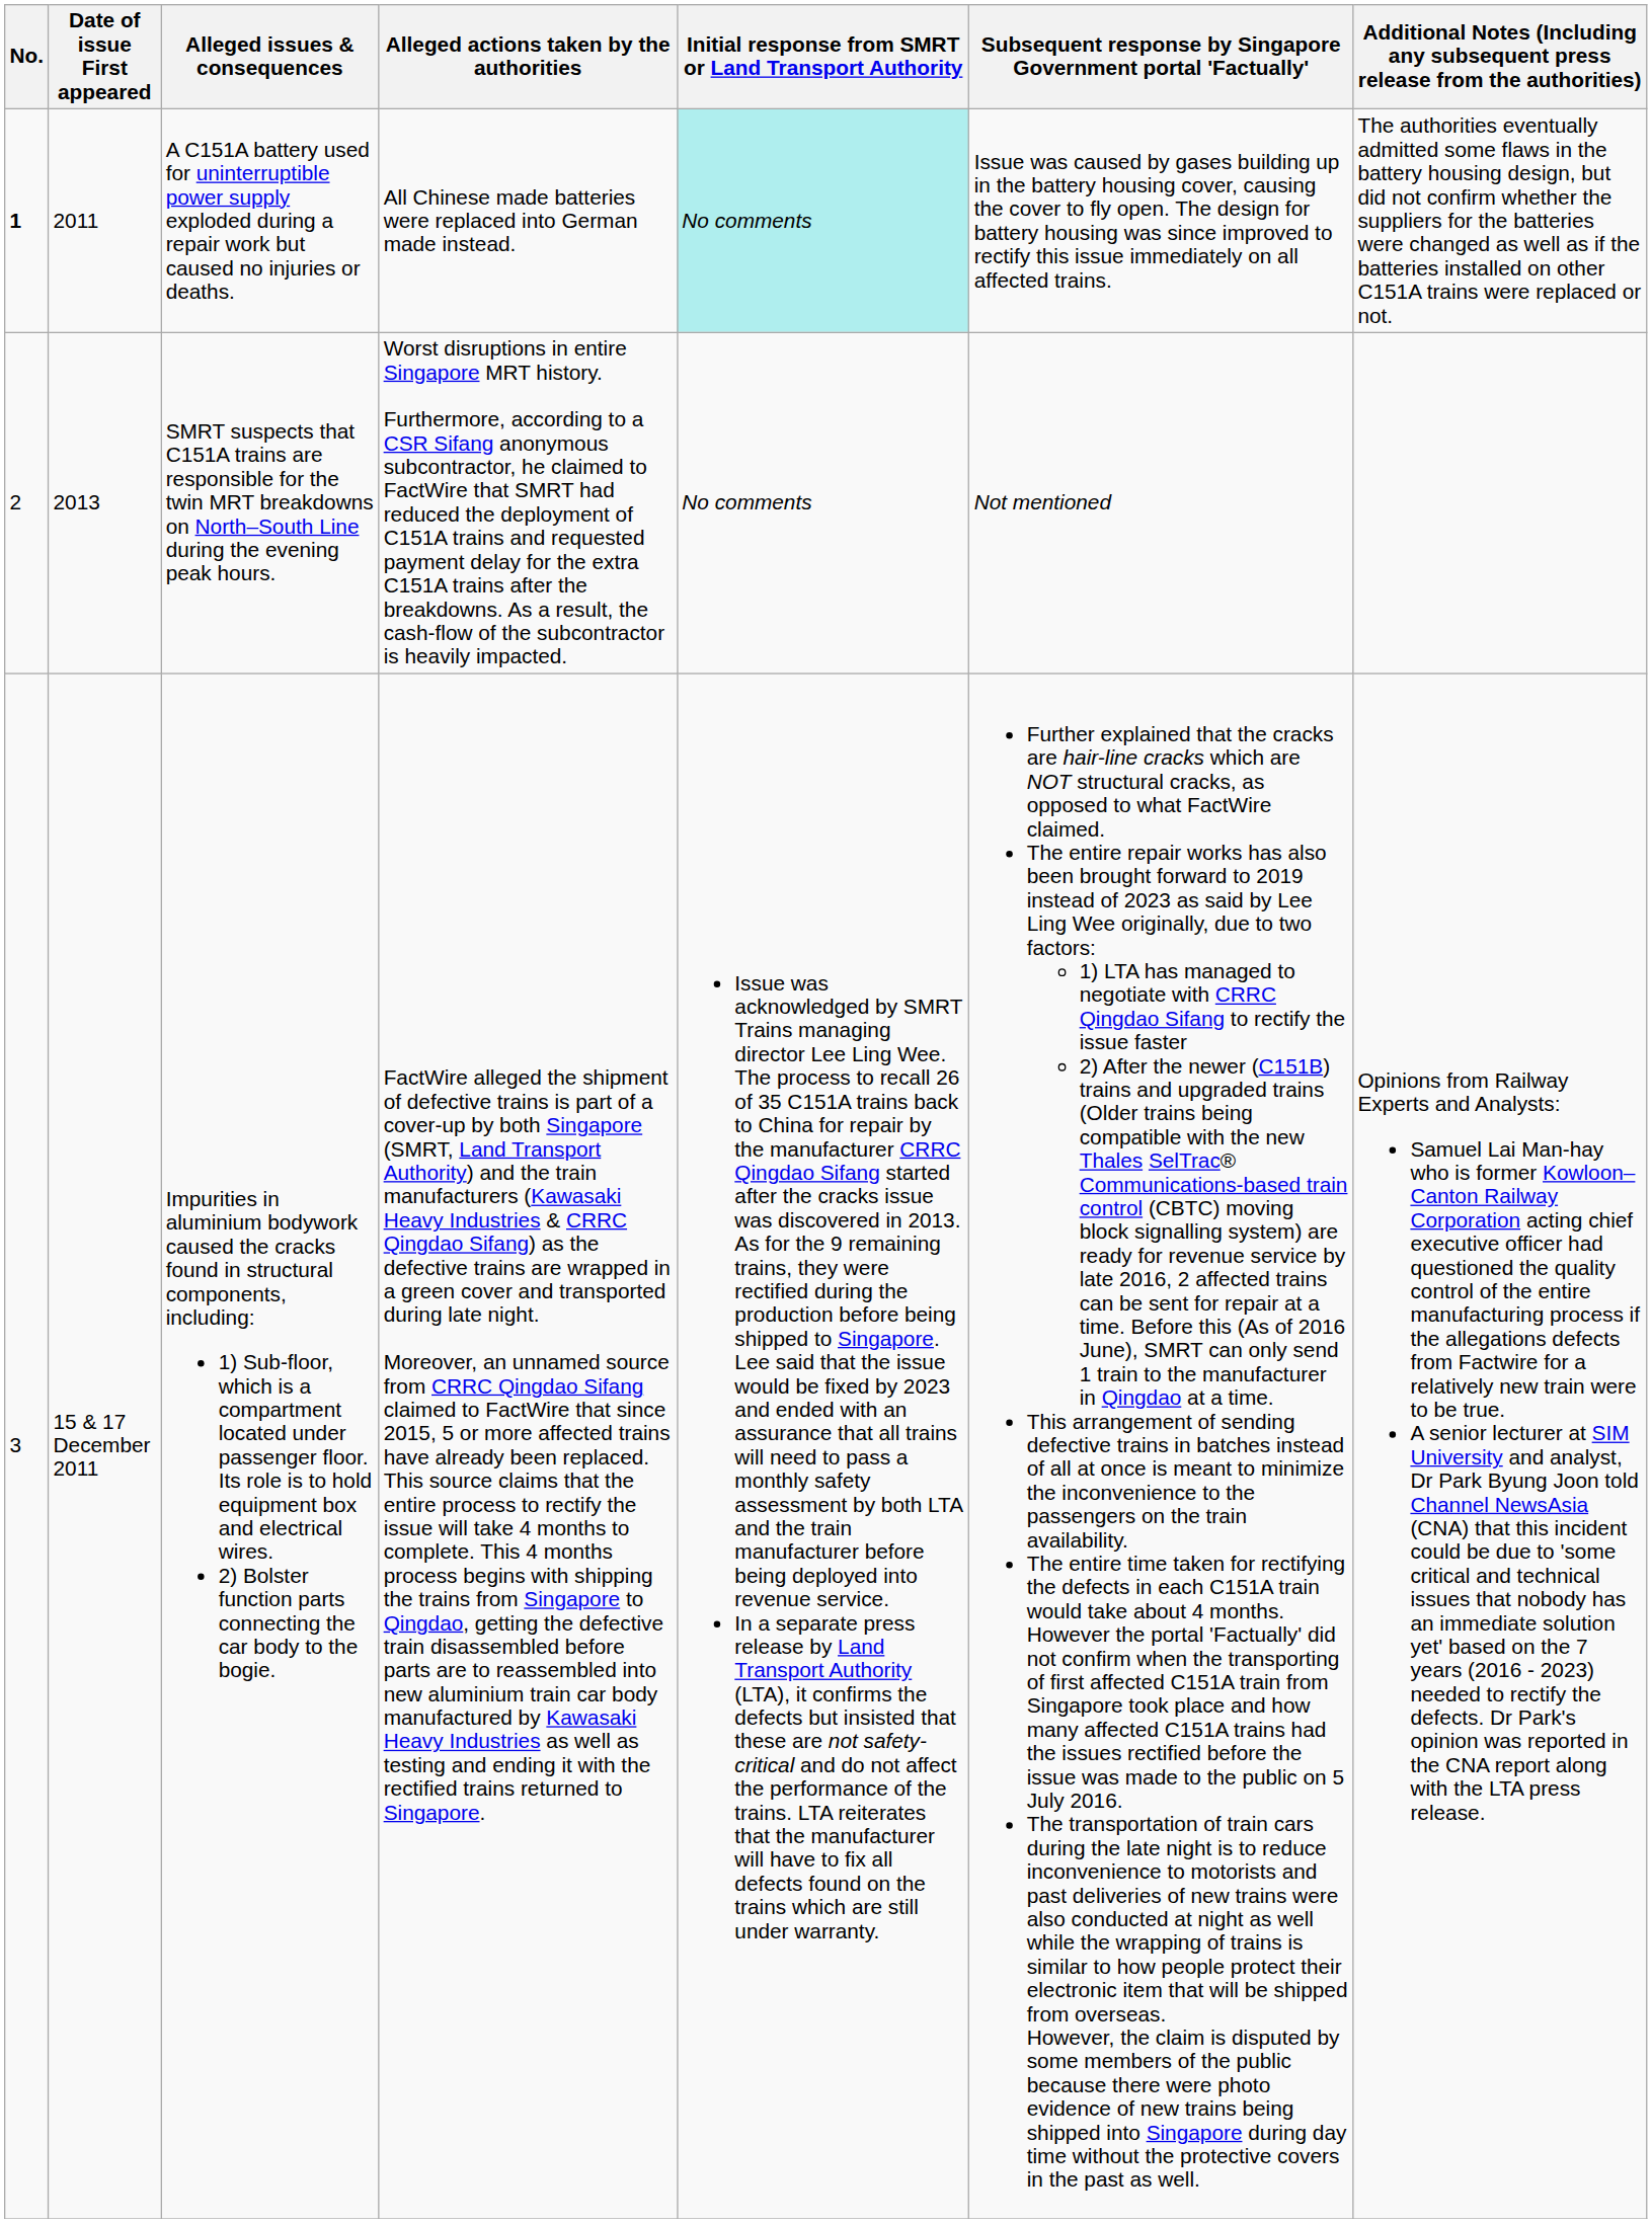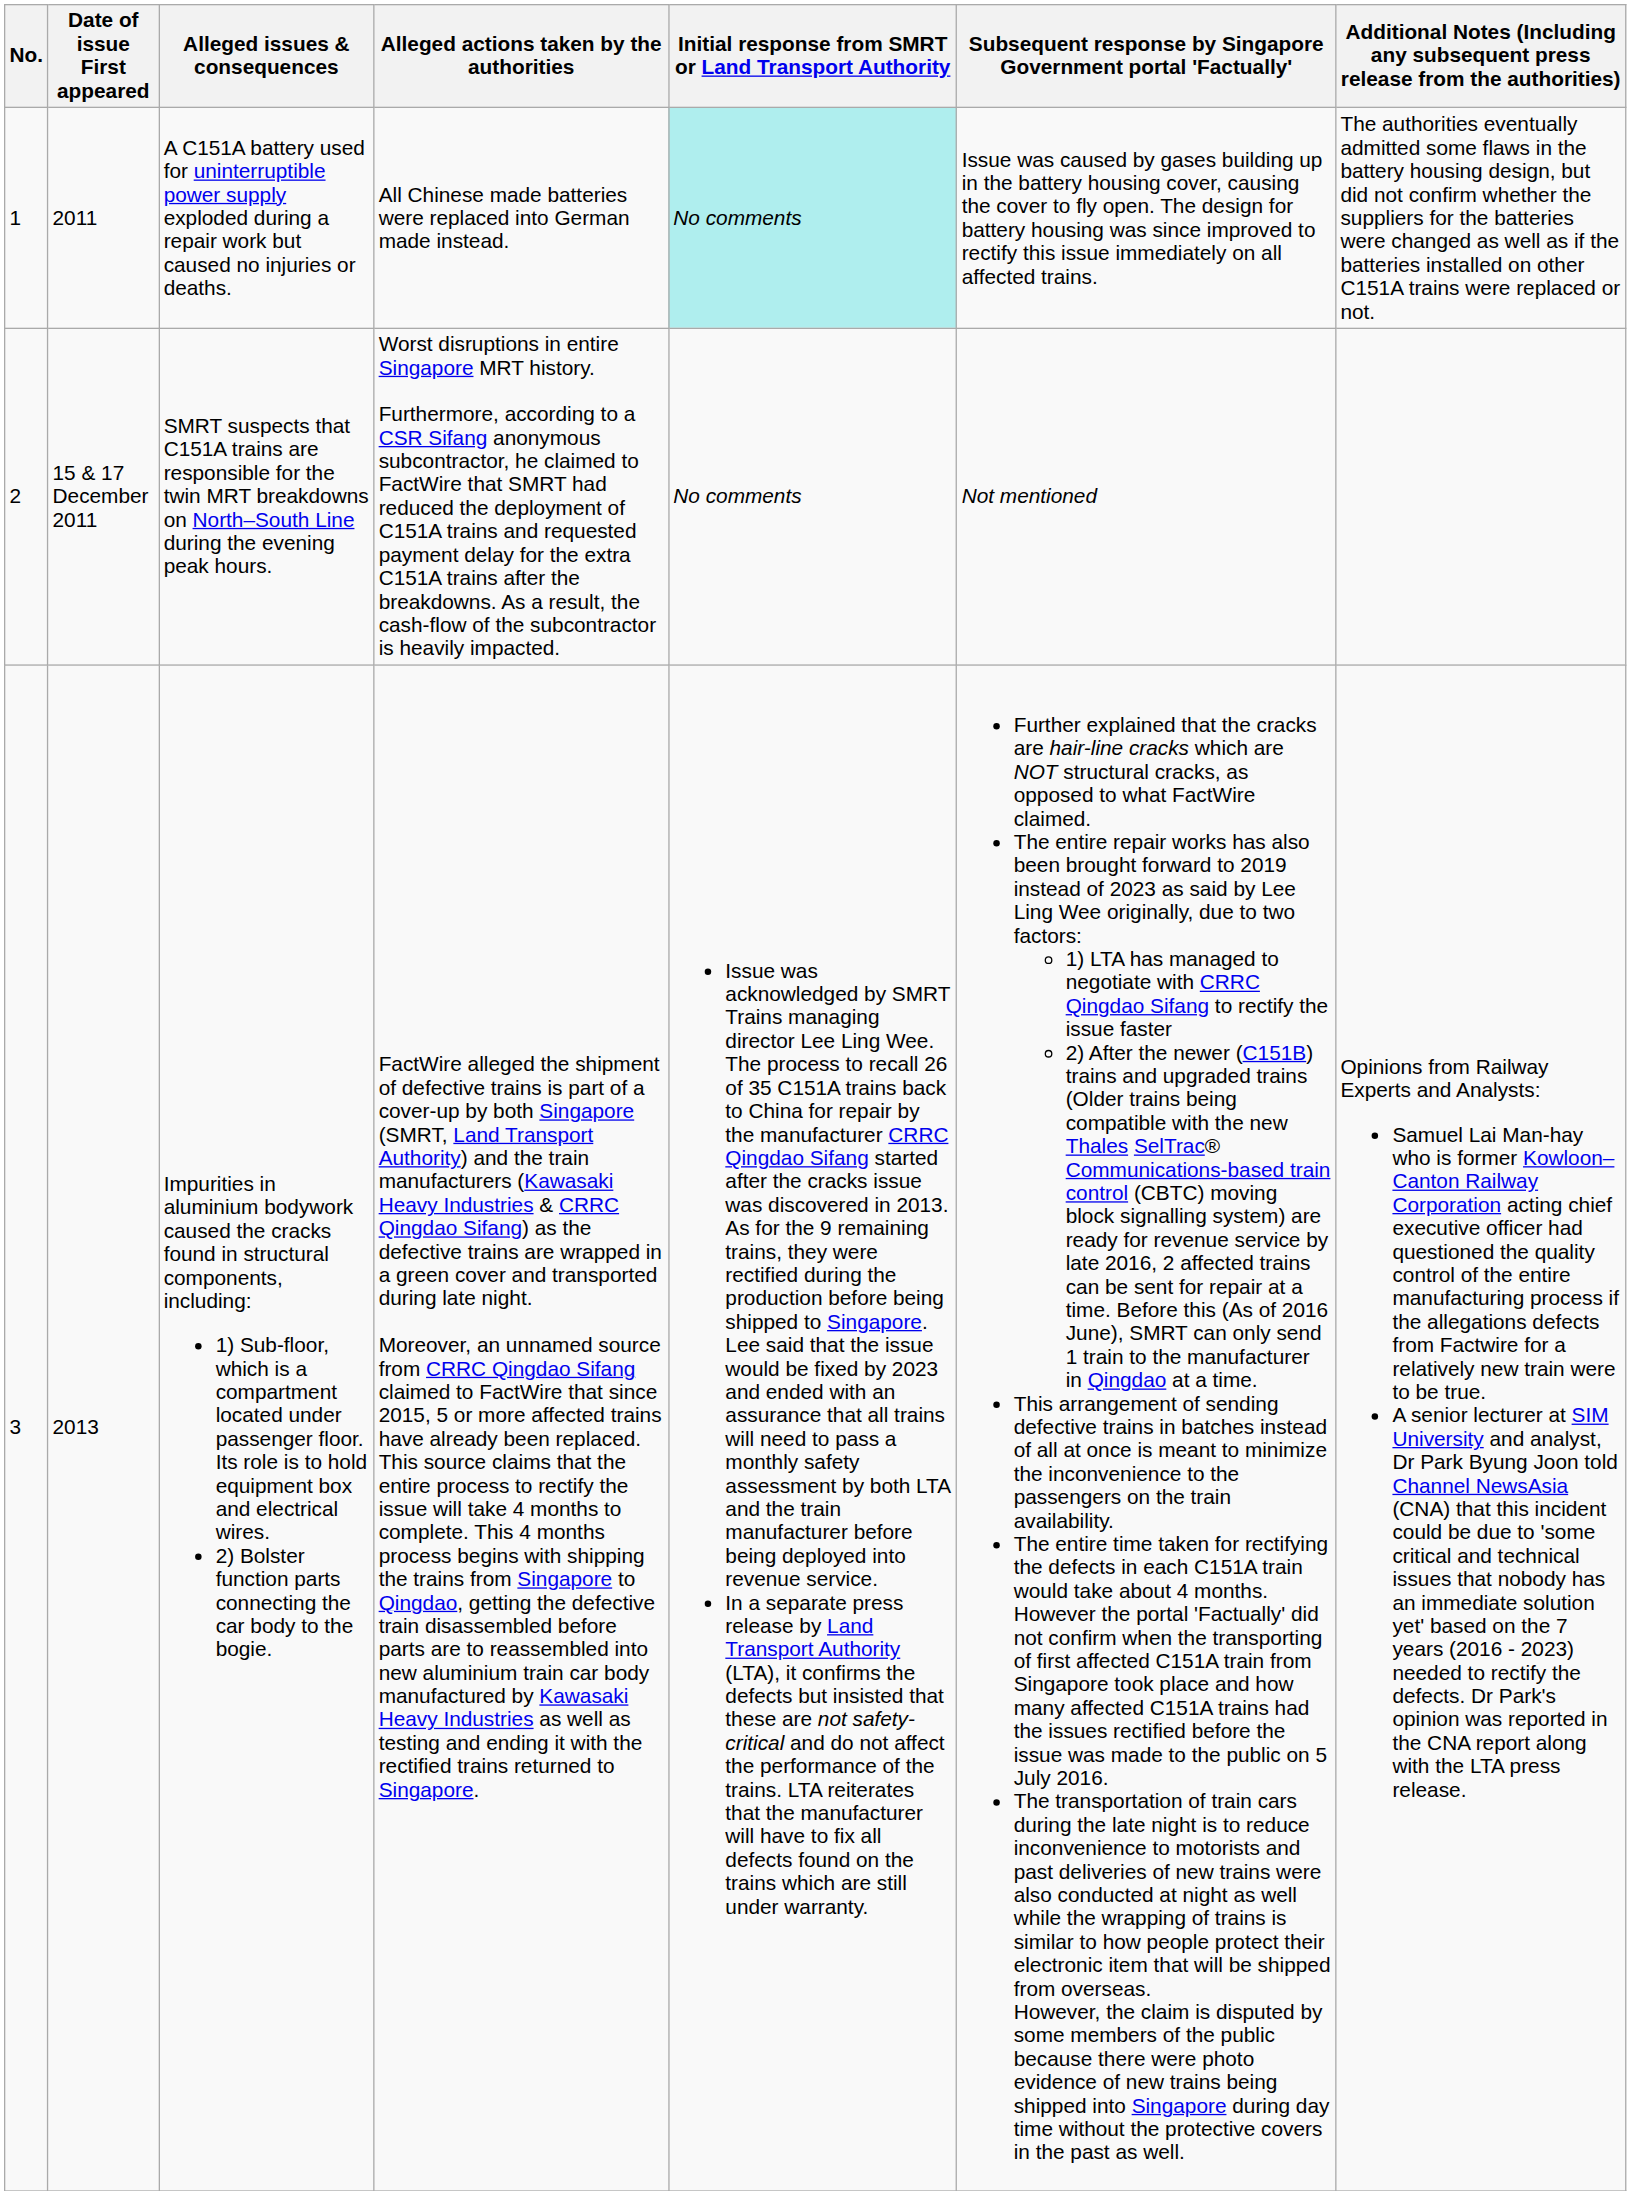 <table class="wikitable">
 <tr>
 <th>No.</th>
 <th>Date of issue First appeared</th>
 <th>Alleged issues & consequences</th>
 <th>Alleged actions taken by the authorities</th>
 <th>Initial response from SMRT or <a href='#'>Land Transport Authority</a></th>
 <th>Subsequent response by Singapore Government portal 'Factually' </th>
 <th>Additional Notes (Including any subsequent press release from the authorities)</th>
 </tr>
 <tr>
-<td><strong>1</strong></td>
+<td>1</td>
 <td>2011</td>
 <td>A C151A battery used for <a href='#'>uninterruptible power supply</a> exploded during a repair work but caused no injuries or deaths.</td>
 <td>All Chinese made batteries were replaced into German made instead.</td>
 <td style="background: paleturquoise;"><em>No comments</em></td>
 <td>Issue was caused by gases building up in the battery housing cover, causing the cover to fly open. The design for battery housing was since improved to rectify this issue immediately on all affected trains.</td>
 <td>The authorities eventually admitted some flaws in the battery housing design, but did not confirm whether the suppliers for the batteries were changed as well as if the batteries installed on other C151A trains were replaced or not.</td>
 </tr>
 <tr>
 <td>2</td>
-<td>2013</td>
+<td>15 & 17 December 2011</td>
 <td>SMRT suspects that C151A trains are responsible for the twin MRT breakdowns on <a href='#'>North–South Line</a> during the evening peak hours.</td>
 <td>Worst disruptions in entire <a href='#'>Singapore</a> MRT history. <br><br>Furthermore, according to a <a href='#'>CSR Sifang</a> anonymous subcontractor, he claimed to FactWire that SMRT had reduced the deployment of C151A trains and requested payment delay for the extra C151A trains after the breakdowns. As a result, the cash-flow of the subcontractor is heavily impacted.</td>
 <td><em>No comments</em></td>
 <td><em>Not mentioned</em></td>
 </tr>
 <tr>
 <td>3</td>
-<td>15 & 17 December 2011</td>
+<td>2013</td>
 <td>Impurities in aluminium bodywork caused the cracks found in structural components, including:<br><ul><li>1) Sub-floor, which is a compartment located under passenger floor. Its role is to hold equipment box and electrical wires.</li><li>2) Bolster function parts connecting the car body to the bogie.</li></ul></td>
 <td>FactWire alleged the shipment of defective trains is part of a cover-up by both <a href='#'>Singapore</a> (SMRT, <a href='#'>Land Transport Authority</a>) and the train manufacturers (<a href='#'>Kawasaki Heavy Industries</a> & <a href='#'>CRRC Qingdao Sifang</a>) as the defective trains are wrapped in a green cover and transported during late night.<br><br> Moreover, an unnamed source from <a href='#'>CRRC Qingdao Sifang</a> claimed to FactWire that since 2015, 5 or more affected trains have already been replaced. This source claims that the entire process to rectify the issue will take 4 months to complete. This 4 months process begins with shipping the trains from <a href='#'>Singapore</a> to <a href='#'>Qingdao</a>, getting the defective train disassembled before parts are to reassembled into new aluminium train car body manufactured by <a href='#'>Kawasaki Heavy Industries</a> as well as testing and ending it with the rectified trains returned to <a href='#'>Singapore</a>.</td>
 <td><br><ul><li>Issue was acknowledged by SMRT Trains managing director Lee Ling Wee. The process to recall 26 of 35 C151A trains back to China for repair by the manufacturer <a href='#'>CRRC Qingdao Sifang</a> started after the cracks issue was discovered in 2013. As for the 9 remaining trains, they were rectified during the production before being shipped to <a href='#'>Singapore</a>. <br>Lee said that the issue would be fixed by 2023 and ended with an assurance that all trains will need to pass a monthly safety assessment by both LTA and the train manufacturer before being deployed into revenue service.</li><li>In a separate press release by <a href='#'>Land Transport Authority</a> (LTA), it confirms the defects but insisted that these are <em>not safety-critical</em> and do not affect the performance of the trains. LTA reiterates that the manufacturer will have to fix all defects found on the trains which are still under warranty.</li></ul></td>
 <td><br><ul><li>Further explained that the cracks are <em>hair-line cracks</em> which are <em>NOT</em> structural cracks, as opposed to what FactWire claimed.</li><li>The entire repair works has also been brought forward to 2019 instead of 2023 as said by Lee Ling Wee originally, due to two factors:<ul><li>1) LTA has managed to negotiate with <a href='#'>CRRC Qingdao Sifang</a> to rectify the issue faster</li><li>2) After the newer (<a href='#'>C151B</a>) trains and upgraded trains (Older trains being compatible with the new <a href='#'>Thales</a> <a href='#'>SelTrac</a>® <a href='#'>Communications-based train control</a> (CBTC) moving block signalling system) are ready for revenue service by late 2016, 2 affected trains can be sent for repair at a time. Before this (As of 2016 June), SMRT can only send 1 train to the manufacturer in <a href='#'>Qingdao</a> at a time.</li></ul></li><li>This arrangement of sending defective trains in batches instead of all at once is meant to minimize the inconvenience to the passengers on the train availability.</li><li>The entire time taken for rectifying the defects in each C151A train would take about 4 months. However the portal 'Factually' did not confirm when the transporting of first affected C151A train from Singapore took place and how many affected C151A trains had the issues rectified before the issue was made to the public on 5 July 2016.</li><li>The transportation of train cars during the late night is to reduce inconvenience to motorists and past deliveries of new trains were also conducted at night as well while the wrapping of trains is similar to how people protect their electronic item that will be shipped from overseas. <br>However, the claim is disputed by some members of the public because there were photo evidence of new trains being shipped into <a href='#'>Singapore</a> during day time without the protective covers in the past as well.</li></ul></td>
 <td><br>Opinions from Railway Experts and Analysts:<ul><li>Samuel Lai Man-hay who is former <a href='#'>Kowloon–Canton Railway Corporation</a> acting chief executive officer had questioned the quality control of the entire manufacturing process if the allegations defects from Factwire for a relatively new train were to be true.</li><li>A senior lecturer at <a href='#'>SIM University</a> and analyst, Dr Park Byung Joon told <a href='#'>Channel NewsAsia</a> (CNA) that this incident could be due to 'some critical and technical issues that nobody has an immediate solution yet' based on the 7 years (2016 - 2023) needed to rectify the defects. Dr Park's opinion was reported in the CNA report along with the LTA press release.</li></ul></td>
 </tr>
 <tr>
 </tr>
 </table>
